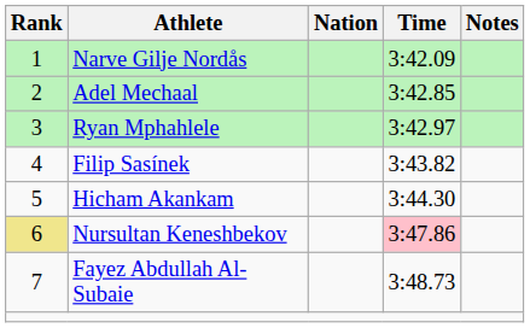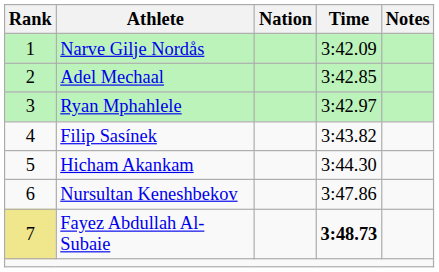 <table class="wikitable sortable" style="text-align:center;width: 60%;">
 <tr>
 <th scope="col" style="width: 10px;">Rank</th>
 <th scope="col">Athlete</th>
 <th scope="col">Nation</th>
 <th scope="col">Time</th>
 <th scope="col">Notes</th>
 </tr>
 <tr bgcolor=bbf3bb>
 <td>1</td>
 <td align=left><a href='#'>Narve Gilje Nordås</a></td>
 <td align=left></td>
 <td>3:42.09</td>
 <td></td>
 </tr>
 <tr bgcolor=bbf3bb>
 <td>2</td>
 <td align=left><a href='#'>Adel Mechaal</a></td>
 <td align=left></td>
 <td>3:42.85</td>
 <td></td>
 </tr>
 <tr bgcolor=bbf3bb>
 <td>3</td>
 <td align=left><a href='#'>Ryan Mphahlele</a></td>
 <td align=left></td>
 <td>3:42.97</td>
 <td></td>
 </tr>
 <tr>
 <td>4</td>
 <td align=left><a href='#'>Filip Sasínek</a></td>
 <td align=left></td>
 <td>3:43.82</td>
 <td></td>
 </tr>
 <tr>
 <td>5</td>
 <td align=left><a href='#'>Hicham Akankam</a></td>
 <td align=left></td>
 <td>3:44.30</td>
 <td></td>
 </tr>
 <tr>
-<td style="background: khaki;">6</td>
+<td>6</td>
 <td align=left><a href='#'>Nursultan Keneshbekov</a></td>
 <td align=left></td>
-<td style="background: pink;">3:47.86</td>
+<td>3:47.86</td>
 <td></td>
 </tr>
 <tr>
-<td>7</td>
+<td style="background: khaki;">7</td>
 <td align=left><a href='#'>Fayez Abdullah Al-Subaie</a></td>
 <td align=left></td>
-<td>3:48.73</td>
+<td><strong>3:48.73</strong></td>
 <td></td>
 </tr>
 <tr class="sortbottom">
 <td colspan="5"></td>
 </tr>
 </table>
